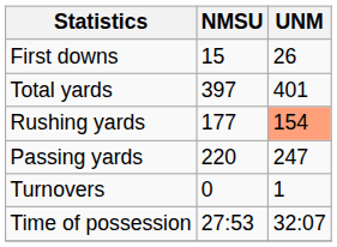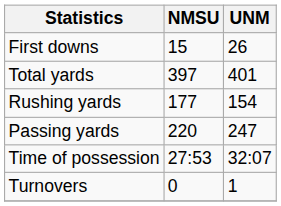 <table class="wikitable" style="float: left;">
 <tr>
 <th>Statistics</th>
 <th>NMSU</th>
 <th>UNM</th>
 </tr>
 <tr>
 <td>First downs</td>
 <td>15</td>
 <td>26</td>
 </tr>
 <tr>
 <td>Total yards</td>
 <td>397</td>
 <td>401</td>
 </tr>
 <tr>
 <td>Rushing yards</td>
 <td>177</td>
-<td style="background: lightsalmon;">154</td>
+<td>154</td>
 </tr>
 <tr>
 <td>Passing yards</td>
 <td>220</td>
 <td>247</td>
 </tr>
 <tr>
+<td>Time of possession</td>
+<td>27:53</td>
+<td>32:07</td>
+</tr>
+<tr>
 <td>Turnovers</td>
 <td>0</td>
 <td>1</td>
 </tr>
 <tr>
-<td>Time of possession</td>
-<td>27:53</td>
-<td>32:07</td>
-</tr>
-<tr>
 </tr>
 </table>
